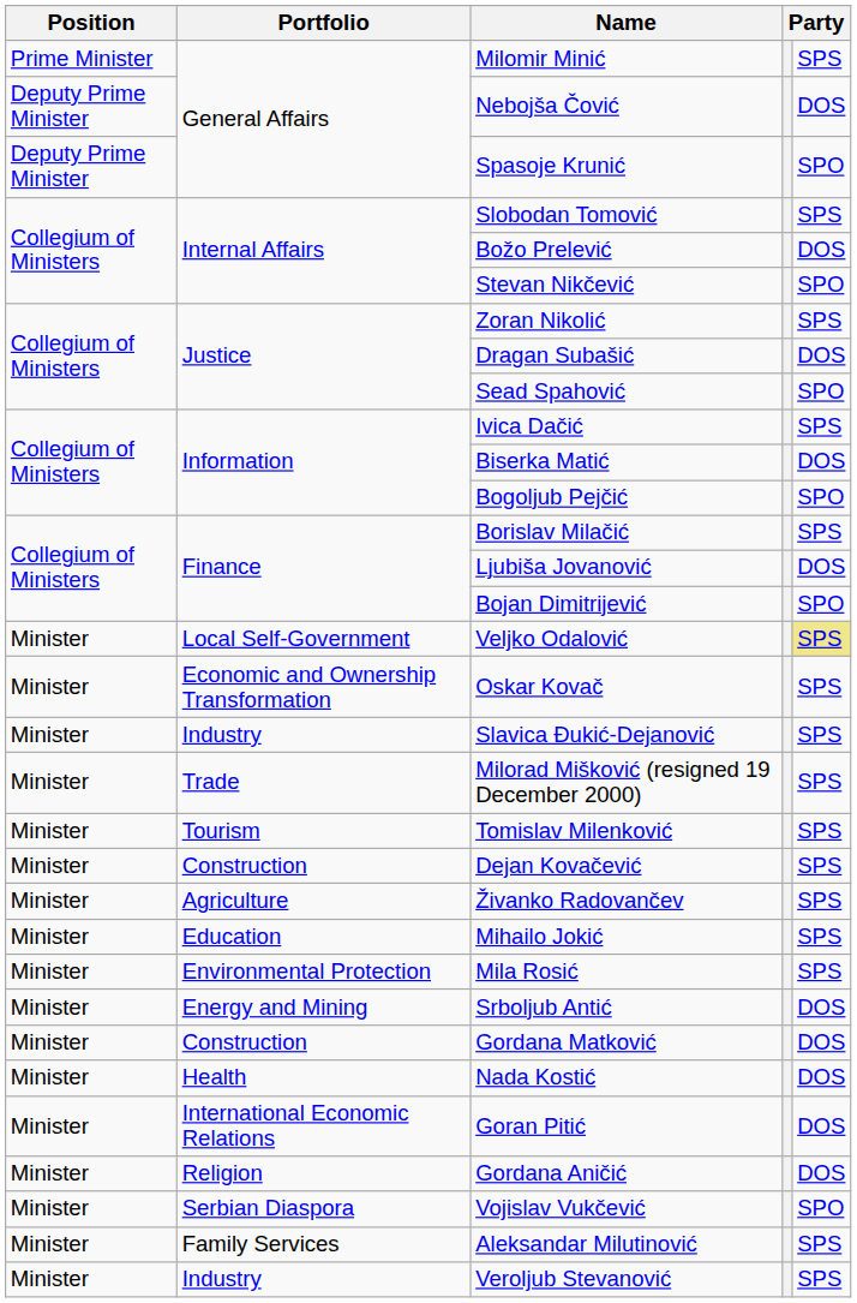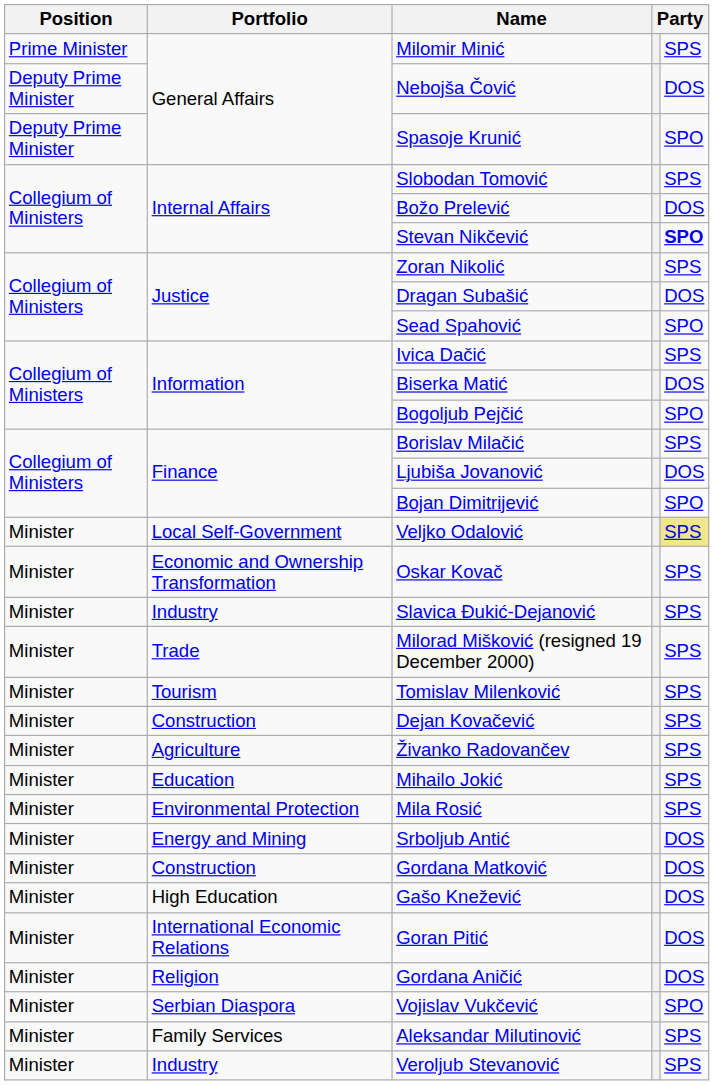 <table class="wikitable">
 <tr>
 <th colspan="1" bgcolor="#EEEEEE">Position</th>
 <th colspan="1" bgcolor="#EEEEEE">Portfolio</th>
 <th colspan="1" bgcolor="#EEEEEE">Name</th>
 <th colspan="2" bgcolor="#EEEEEE">Party</th>
 </tr>
 <tr>
 <td><a href='#'>Prime Minister</a></td>
 <td rowspan="3">General Affairs</td>
 <td><a href='#'>Milomir Minić</a></td>
 <th style="background:"></th>
 <td><a href='#'>SPS</a></td>
 </tr>
 <tr>
 <td><a href='#'>Deputy Prime Minister</a></td>
 <td><a href='#'>Nebojša Čović</a></td>
 <th style="background:"></th>
 <td><a href='#'>DOS</a></td>
 </tr>
 <tr>
 <td><a href='#'>Deputy Prime Minister</a></td>
 <td><a href='#'>Spasoje Krunić</a></td>
 <th style="background:"></th>
 <td><a href='#'>SPO</a></td>
 </tr>
 <tr>
 <td rowspan="3"><a href='#'>Collegium of Ministers</a></td>
 <td rowspan="3"><a href='#'>Internal Affairs</a></td>
 <td><a href='#'>Slobodan Tomović</a></td>
 <th style="background:"></th>
 <td><a href='#'>SPS</a></td>
 </tr>
 <tr>
 <td><a href='#'>Božo Prelević</a></td>
 <th style="background:"></th>
 <td><a href='#'>DOS</a></td>
 </tr>
 <tr>
 <td><a href='#'>Stevan Nikčević</a></td>
 <th style="background:"></th>
-<td><a href='#'>SPO</a></td>
+<td><strong><a href='#'>SPO</a></strong></td>
 </tr>
 <tr>
 <td rowspan="3"><a href='#'>Collegium of Ministers</a></td>
 <td rowspan="3"><a href='#'>Justice</a></td>
 <td><a href='#'>Zoran Nikolić</a></td>
 <th style="background:"></th>
 <td><a href='#'>SPS</a></td>
 </tr>
 <tr>
 <td><a href='#'>Dragan Subašić</a></td>
 <th style="background:"></th>
 <td><a href='#'>DOS</a></td>
 </tr>
 <tr>
 <td><a href='#'>Sead Spahović</a></td>
 <th style="background:"></th>
 <td><a href='#'>SPO</a></td>
 </tr>
 <tr>
 <td rowspan="3"><a href='#'>Collegium of Ministers</a></td>
 <td rowspan="3"><a href='#'>Information</a></td>
 <td><a href='#'>Ivica Dačić</a></td>
 <th style="background:"></th>
 <td><a href='#'>SPS</a></td>
 </tr>
 <tr>
 <td><a href='#'>Biserka Matić</a></td>
 <th style="background:"></th>
 <td><a href='#'>DOS</a></td>
 </tr>
 <tr>
 <td><a href='#'>Bogoljub Pejčić</a></td>
 <th style="background:"></th>
 <td><a href='#'>SPO</a></td>
 </tr>
 <tr>
 <td rowspan="3"><a href='#'>Collegium of Ministers</a></td>
 <td rowspan="3"><a href='#'>Finance</a></td>
 <td><a href='#'>Borislav Milačić</a></td>
 <th style="background:"></th>
 <td><a href='#'>SPS</a></td>
 </tr>
 <tr>
 <td><a href='#'>Ljubiša Jovanović</a></td>
 <th style="background:"></th>
 <td><a href='#'>DOS</a></td>
 </tr>
 <tr>
 <td><a href='#'>Bojan Dimitrijević</a></td>
 <th style="background:"></th>
 <td><a href='#'>SPO</a></td>
 </tr>
 <tr>
 <td>Minister</td>
 <td><a href='#'>Local Self-Government</a></td>
 <td><a href='#'>Veljko Odalović</a></td>
 <th style="background:"></th>
 <td style="background: khaki;"><a href='#'>SPS</a></td>
 </tr>
 <tr>
 <td>Minister</td>
 <td><a href='#'>Economic and Ownership Transformation</a></td>
 <td><a href='#'>Oskar Kovač</a></td>
 <th style="background:"></th>
 <td><a href='#'>SPS</a></td>
 </tr>
 <tr>
 <td>Minister</td>
 <td><a href='#'>Industry</a></td>
 <td><a href='#'>Slavica Đukić-Dejanović</a></td>
 <th style="background:"></th>
 <td><a href='#'>SPS</a></td>
 </tr>
 <tr>
 <td>Minister</td>
 <td><a href='#'>Trade</a></td>
 <td><a href='#'>Milorad Mišković</a> (resigned 19 December 2000)</td>
 <th style="background:"></th>
 <td><a href='#'>SPS</a></td>
 </tr>
 <tr>
 <td>Minister</td>
 <td><a href='#'>Tourism</a></td>
 <td><a href='#'>Tomislav Milenković</a></td>
 <th style="background:"></th>
 <td><a href='#'>SPS</a></td>
 </tr>
 <tr>
 <td>Minister</td>
 <td><a href='#'>Construction</a></td>
 <td><a href='#'>Dejan Kovačević</a></td>
 <th style="background:"></th>
 <td><a href='#'>SPS</a></td>
 </tr>
 <tr>
 <td>Minister</td>
 <td><a href='#'>Agriculture</a></td>
 <td><a href='#'>Živanko Radovančev</a></td>
 <th style="background:"></th>
 <td><a href='#'>SPS</a></td>
 </tr>
 <tr>
 <td>Minister</td>
 <td><a href='#'>Education</a></td>
 <td><a href='#'>Mihailo Jokić</a></td>
 <th style="background:"></th>
 <td><a href='#'>SPS</a></td>
 </tr>
 <tr>
 <td>Minister</td>
 <td><a href='#'>Environmental Protection</a></td>
 <td><a href='#'>Mila Rosić</a></td>
 <th style="background:"></th>
 <td><a href='#'>SPS</a></td>
 </tr>
 <tr>
 <td>Minister</td>
 <td><a href='#'>Energy and Mining</a></td>
 <td><a href='#'>Srboljub Antić</a></td>
 <th style="background:"></th>
 <td><a href='#'>DOS</a></td>
 </tr>
 <tr>
 <td>Minister</td>
 <td><a href='#'>Construction</a></td>
 <td><a href='#'>Gordana Matković</a></td>
 <th style="background:"></th>
 <td><a href='#'>DOS</a></td>
 </tr>
 <tr>
 <td>Minister</td>
-<td><a href='#'>Health</a></td>
-<td><a href='#'>Nada Kostić</a></td>
+<td>High Education</td>
+<td><a href='#'>Gašo Knežević</a></td>
 <th style="background:"></th>
 <td><a href='#'>DOS</a></td>
 </tr>
 <tr>
 <td>Minister</td>
 <td><a href='#'>International Economic Relations</a></td>
 <td><a href='#'>Goran Pitić</a></td>
 <th style="background:"></th>
 <td><a href='#'>DOS</a></td>
 </tr>
 <tr>
 <td>Minister</td>
 <td><a href='#'>Religion</a></td>
 <td><a href='#'>Gordana Aničić</a></td>
 <th style="background:"></th>
 <td><a href='#'>DOS</a></td>
 </tr>
 <tr>
 <td>Minister</td>
 <td><a href='#'>Serbian Diaspora</a></td>
 <td><a href='#'>Vojislav Vukčević</a></td>
 <th style="background:"></th>
 <td><a href='#'>SPO</a></td>
 </tr>
 <tr>
 <td>Minister</td>
 <td>Family Services</td>
 <td><a href='#'>Aleksandar Milutinović</a></td>
 <th style="background:"></th>
 <td><a href='#'>SPS</a></td>
 </tr>
 <tr>
 <td>Minister</td>
 <td><a href='#'>Industry</a></td>
 <td><a href='#'>Veroljub Stevanović</a></td>
 <th style="background:"></th>
 <td><a href='#'>SPS</a></td>
 </tr>
 </table>
